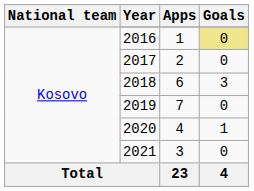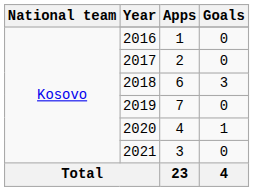 <table class="wikitable" style="text-align:center">
 <tr>
 <th>National team</th>
 <th>Year</th>
 <th>Apps</th>
 <th>Goals</th>
 </tr>
 <tr>
 <td rowspan="7"><a href='#'>Kosovo</a></td>
 </tr>
 <tr>
 <td>2016</td>
 <td>1</td>
-<td style="background: khaki;">0</td>
+<td>0</td>
 </tr>
 <tr>
 <td>2017</td>
 <td>2</td>
 <td>0</td>
 </tr>
 <tr>
 <td>2018</td>
 <td>6</td>
 <td>3</td>
 </tr>
 <tr>
 <td>2019</td>
 <td>7</td>
 <td>0</td>
 </tr>
 <tr>
 <td>2020</td>
 <td>4</td>
 <td>1</td>
 </tr>
 <tr>
 <td>2021</td>
 <td>3</td>
 <td>0</td>
 </tr>
 <tr>
 <th colspan="2">Total</th>
 <th>23</th>
 <th>4</th>
 </tr>
 </table>
